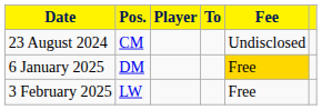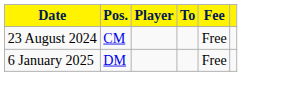 <table class="wikitable plainrowheaders sortable">
 <tr>
 <th style="background-color:#FFF300; color:#001958; ">Date</th>
 <th style="background-color:#FFF300; color:#001958; ">Pos.</th>
 <th style="background-color:#FFF300; color:#001958; ">Player</th>
 <th style="background-color:#FFF300; color:#001958; ">To</th>
 <th style="background-color:#FFF300; color:#001958; ">Fee</th>
 <th style="background-color:#FFF300; color:#001958; "></th>
 </tr>
 <tr>
 <td>23 August 2024</td>
 <td><a href='#'>CM</a></td>
 <td></td>
 <td></td>
-<td>Undisclosed</td>
+<td>Free</td>
 <td></td>
 </tr>
 <tr>
 <td>6 January 2025</td>
 <td><a href='#'>DM</a></td>
 <td></td>
 <td></td>
-<td style="background: gold;">Free</td>
-<td></td>
-</tr>
-<tr>
-<td>3 February 2025</td>
-<td><a href='#'>LW</a></td>
-<td></td>
-<td></td>
 <td>Free</td>
 <td></td>
 </tr>
 </table>
